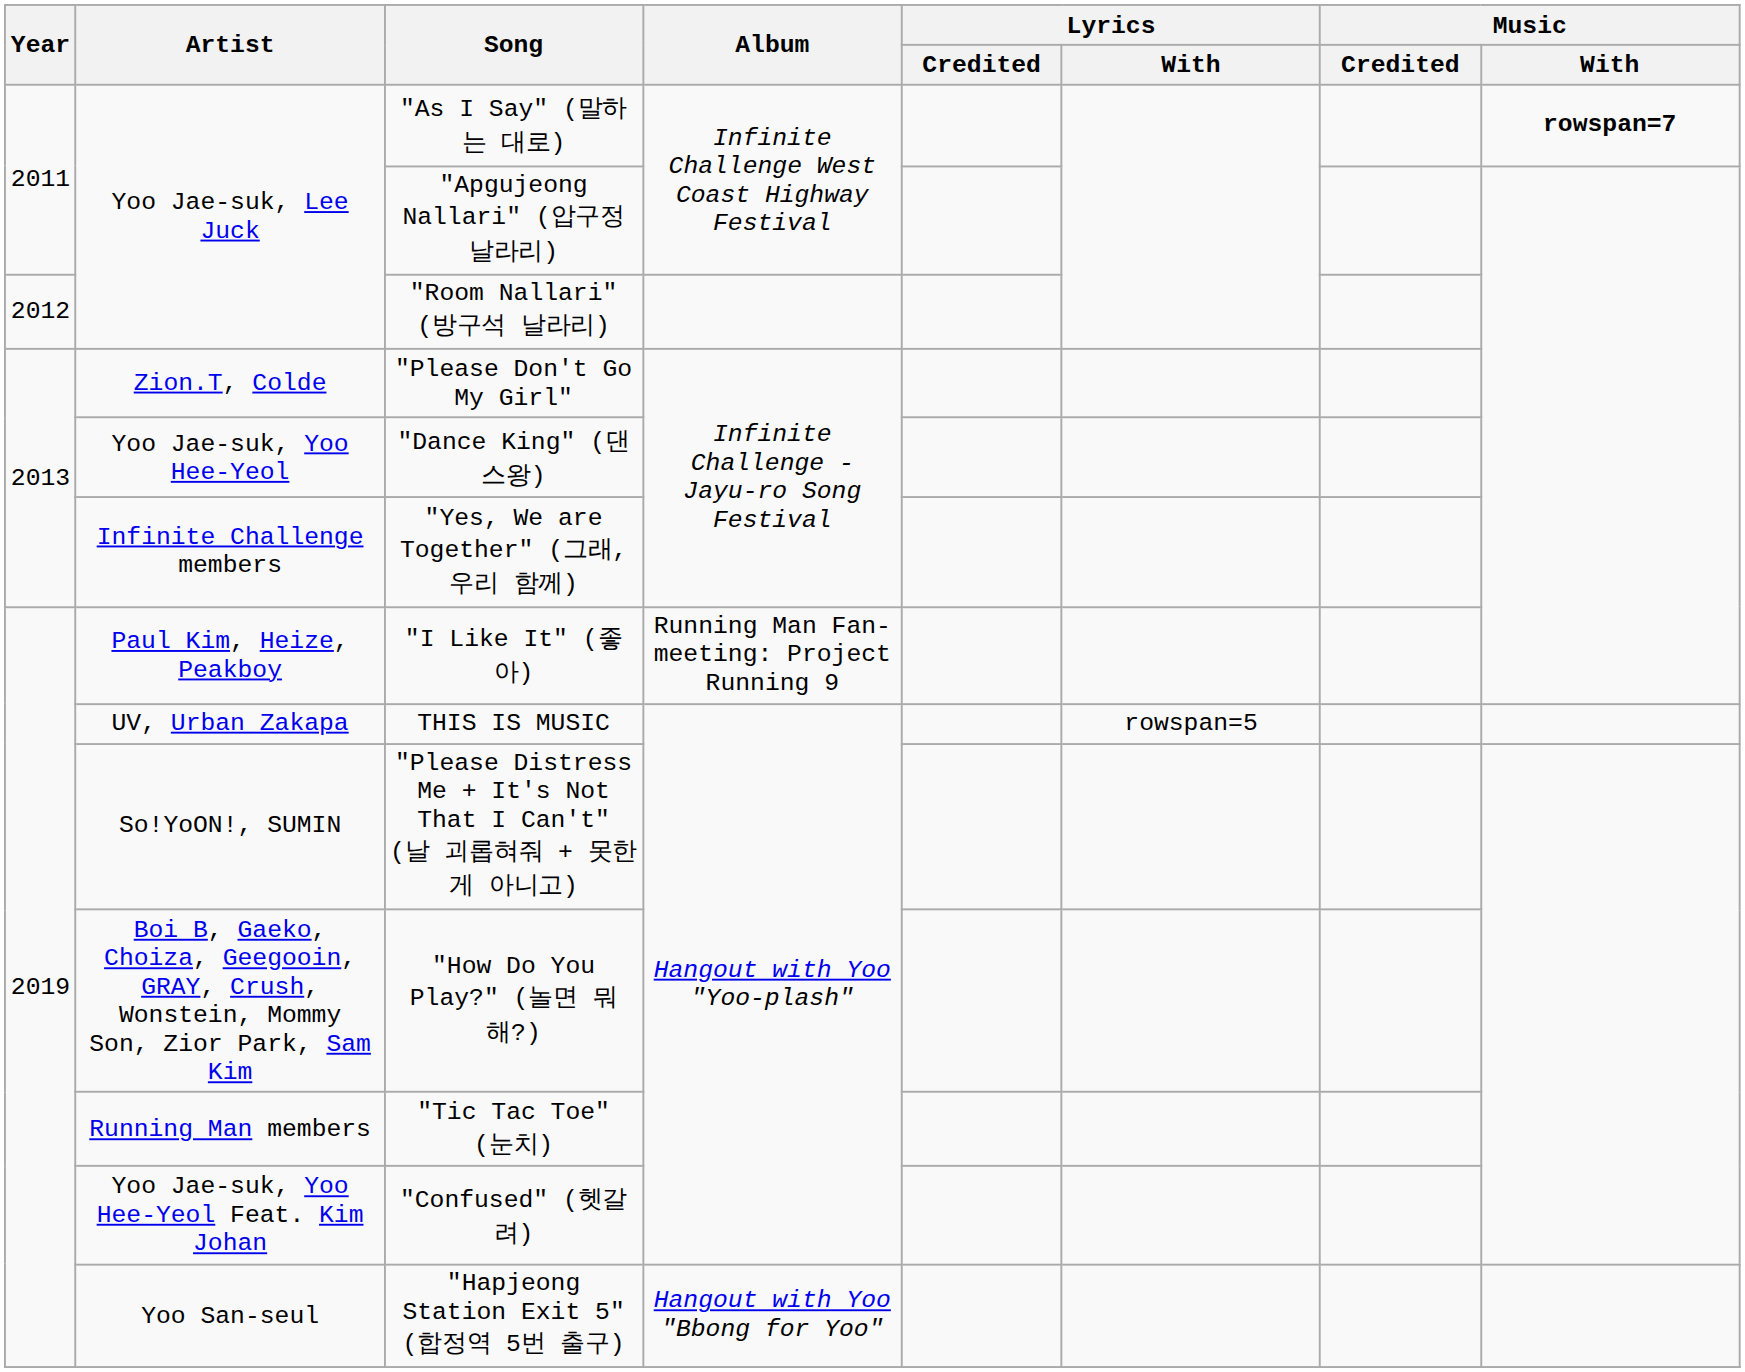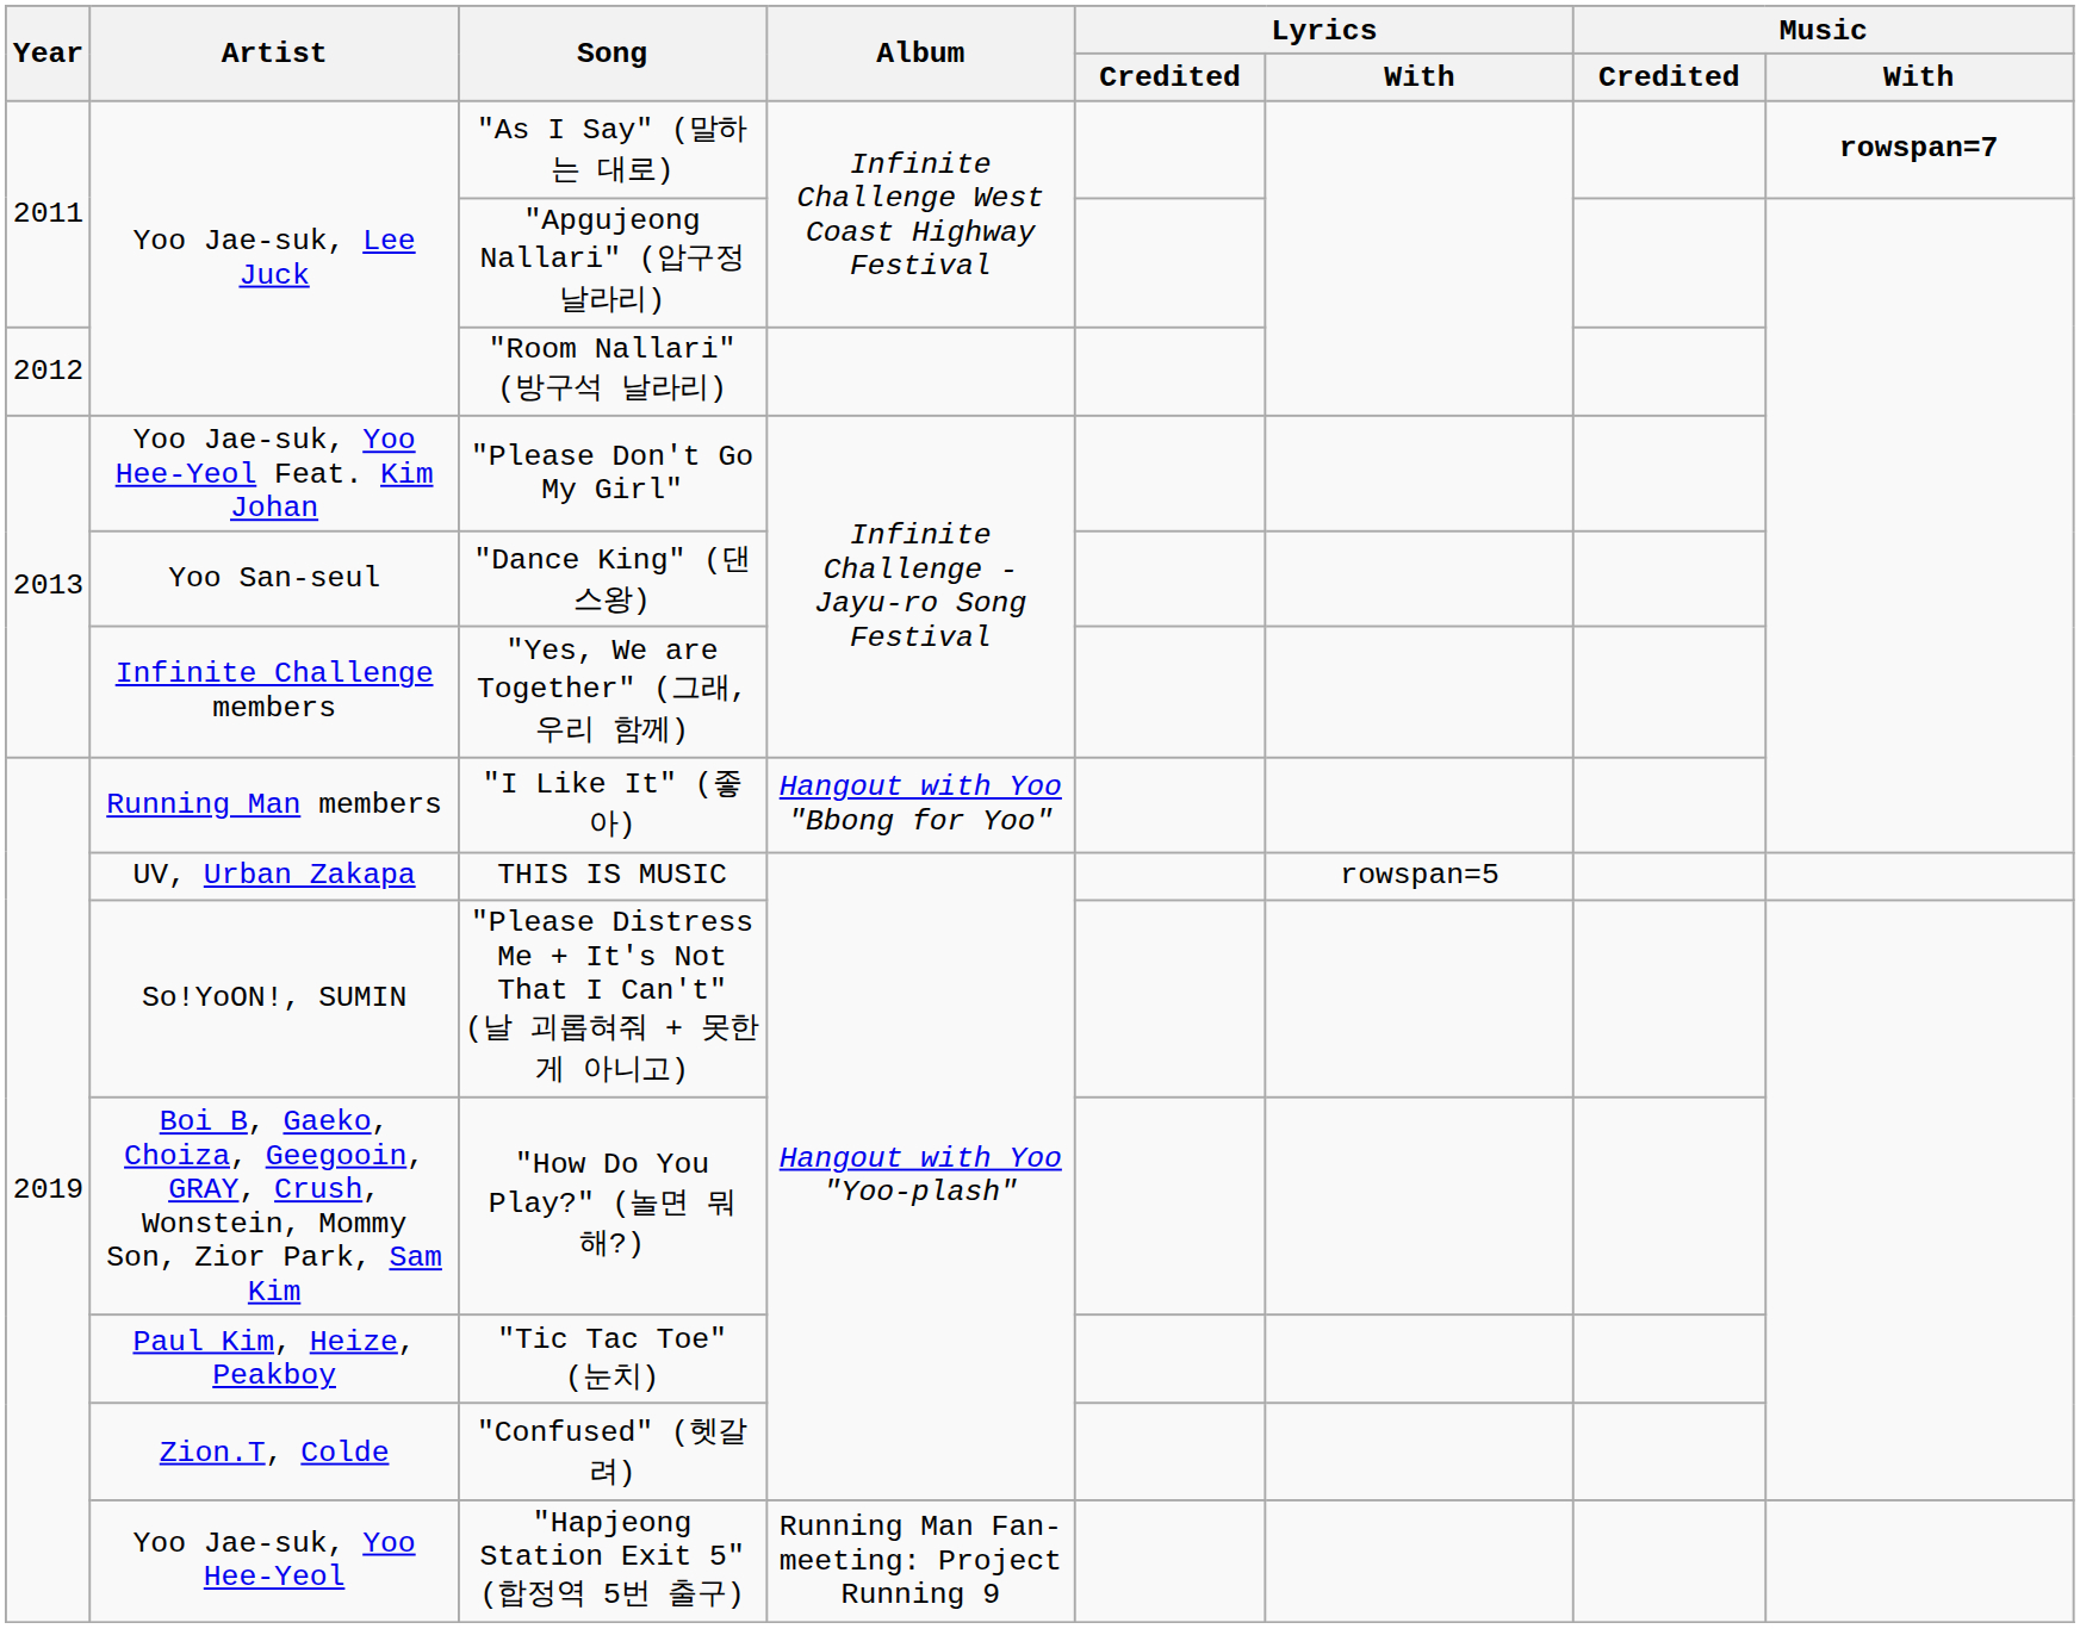 <table class="wikitable" style="text-align:center;">
 <tr>
 <th rowspan="2" style="width:2em;">Year</th>
 <th rowspan="2" style="width:12em;">Artist</th>
 <th rowspan="2" style="width:10em;">Song</th>
 <th rowspan="2" style="width:10em;">Album</th>
 <th colspan="2" style="width:16em;">Lyrics</th>
 <th colspan="2" style="width:16em;">Music</th>
 </tr>
 <tr>
 <th style="width:6em;">Credited</th>
 <th style="width:10em;">With</th>
 <th style="width:6em;">Credited</th>
 <th style="width:10em;">With</th>
 </tr>
 <tr>
 <td rowspan=2>2011</td>
 <td rowspan=3>Yoo Jae-suk, <a href='#'>Lee Juck</a> <br></td>
 <td>"As I Say" (말하는 대로)</td>
 <td rowspan=2><em>Infinite Challenge West Coast Highway Festival</em></td>
 <td></td>
 <td rowspan=3></td>
 <td></td>
 <td><strong>rowspan=7 </strong></td>
 </tr>
 <tr>
 <td>"Apgujeong Nallari" (압구정 날라리)</td>
 <td></td>
 <td></td>
 </tr>
 <tr>
 <td>2012</td>
 <td>"Room Nallari" (방구석 날라리)</td>
 <td></td>
 <td></td>
 <td></td>
 </tr>
 <tr>
 <td rowspan=3>2013</td>
-<td><a href='#'>Zion.T</a>, <a href='#'>Colde</a></td>
+<td>Yoo Jae-suk, <a href='#'>Yoo Hee-Yeol</a> Feat. <a href='#'>Kim Johan</a> <br></td>
 <td>"Please Don't Go My Girl"</td>
 <td rowspan=3><em>Infinite Challenge - Jayu-ro Song Festival</em></td>
 <td></td>
 <td></td>
 <td></td>
 </tr>
 <tr>
-<td>Yoo Jae-suk, <a href='#'>Yoo Hee-Yeol</a> <br></td>
+<td>Yoo San-seul</td>
 <td>"Dance King" (댄스왕)</td>
 <td></td>
 <td></td>
 <td></td>
 </tr>
 <tr>
 <td><a href='#'>Infinite Challenge</a> members</td>
 <td>"Yes, We are Together" (그래, 우리 함께)</td>
 <td></td>
 <td></td>
 <td></td>
 </tr>
 <tr>
 <td rowspan=7>2019</td>
-<td><a href='#'>Paul Kim</a>, <a href='#'>Heize</a>, <a href='#'>Peakboy</a></td>
+<td><a href='#'>Running Man</a> members</td>
 <td>"I Like It" (좋아)</td>
-<td>Running Man Fan-meeting: Project Running 9</td>
+<td><em><a href='#'>Hangout with Yoo</a> "Bbong for Yoo"</em></td>
 <td></td>
 <td></td>
 <td></td>
 </tr>
 <tr>
 <td>UV, <a href='#'>Urban Zakapa</a></td>
 <td>THIS IS MUSIC</td>
 <td rowspan=5><em><a href='#'>Hangout with Yoo</a> "Yoo-plash"</em></td>
 <td></td>
 <td>rowspan=5 </td>
 <td></td>
 <td></td>
 </tr>
 <tr>
 <td>So!YoON!, SUMIN</td>
 <td>"Please Distress Me + It's Not That I Can't" (날 괴롭혀줘 + 못한 게 아니고)</td>
 <td></td>
 <td></td>
 <td></td>
 </tr>
 <tr>
 <td><a href='#'>Boi B</a>, <a href='#'>Gaeko</a>, <a href='#'>Choiza</a>, <a href='#'>Geegooin</a>, <a href='#'>GRAY</a>, <a href='#'>Crush</a>, Wonstein, Mommy Son, Zior Park, <a href='#'>Sam Kim</a></td>
 <td>"How Do You Play?" (놀면 뭐해?)</td>
 <td></td>
 <td></td>
 <td></td>
 </tr>
 <tr>
-<td><a href='#'>Running Man</a> members</td>
+<td><a href='#'>Paul Kim</a>, <a href='#'>Heize</a>, <a href='#'>Peakboy</a></td>
 <td>"Tic Tac Toe" (눈치)</td>
 <td></td>
 <td></td>
 <td></td>
 </tr>
 <tr>
-<td>Yoo Jae-suk, <a href='#'>Yoo Hee-Yeol</a> Feat. <a href='#'>Kim Johan</a> <br></td>
+<td><a href='#'>Zion.T</a>, <a href='#'>Colde</a></td>
 <td>"Confused" (헷갈려)</td>
 <td></td>
 <td></td>
 <td></td>
 </tr>
 <tr>
-<td>Yoo San-seul</td>
+<td>Yoo Jae-suk, <a href='#'>Yoo Hee-Yeol</a> <br></td>
 <td>"Hapjeong Station Exit 5" (합정역 5번 출구)</td>
-<td><em><a href='#'>Hangout with Yoo</a> "Bbong for Yoo"</em></td>
+<td>Running Man Fan-meeting: Project Running 9</td>
 <td></td>
 <td></td>
 <td></td>
 <td></td>
 </tr>
 <tr>
 </tr>
 </table>
